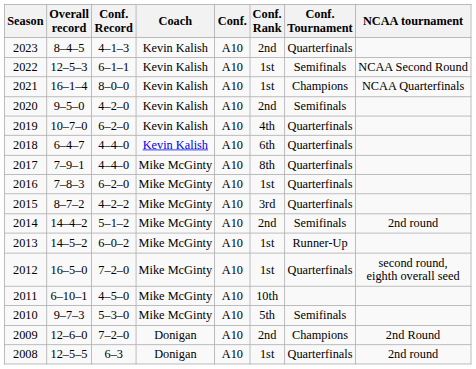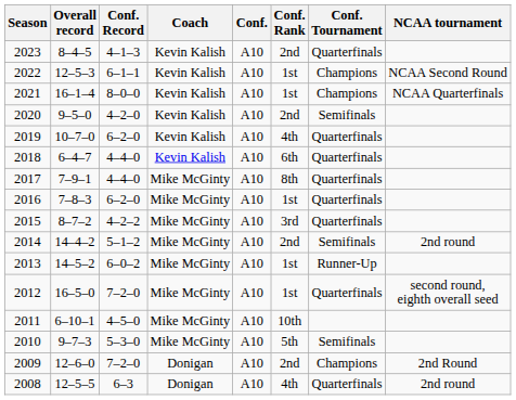 <table class="wikitable sortable" style="text-align: center;">
 <tr>
 <th width=px>Season</th>
 <th width=px>Overall<br>record</th>
 <th width=px>Conf.<br> Record</th>
 <th width=px>Coach</th>
 <th width=px>Conf.</th>
 <th width=px>Conf.<br> Rank</th>
 <th width=px>Conf. <br>Tournament</th>
 <th width=px>NCAA tournament</th>
 </tr>
 <tr>
 <td>2023</td>
 <td>8–4–5</td>
 <td>4–1–3</td>
 <td>Kevin Kalish</td>
 <td>A10</td>
 <td>2nd</td>
 <td>Quarterfinals</td>
 <td></td>
 </tr>
 <tr>
 <td>2022</td>
 <td>12–5–3</td>
 <td>6–1–1</td>
 <td>Kevin Kalish</td>
 <td>A10</td>
 <td>1st</td>
-<td>Semifinals</td>
+<td>Champions</td>
 <td>NCAA Second Round</td>
 </tr>
 <tr>
 <td>2021</td>
 <td>16–1–4</td>
 <td>8–0–0</td>
 <td>Kevin Kalish</td>
 <td>A10</td>
 <td>1st</td>
 <td>Champions</td>
 <td>NCAA Quarterfinals</td>
 </tr>
 <tr>
 <td>2020</td>
 <td>9–5–0</td>
 <td>4–2–0</td>
 <td>Kevin Kalish</td>
 <td>A10</td>
 <td>2nd</td>
 <td>Semifinals</td>
 <td></td>
 </tr>
 <tr>
 <td>2019</td>
 <td>10–7–0</td>
 <td>6–2–0</td>
 <td>Kevin Kalish</td>
 <td>A10</td>
 <td>4th</td>
 <td>Quarterfinals</td>
 <td></td>
 </tr>
 <tr>
 <td>2018</td>
 <td>6–4–7</td>
 <td>4–4–0</td>
 <td><a href='#'>Kevin Kalish</a></td>
 <td>A10</td>
 <td>6th</td>
 <td>Quarterfinals</td>
 <td></td>
 </tr>
 <tr>
 <td>2017</td>
 <td>7–9–1</td>
 <td>4–4–0</td>
 <td>Mike McGinty</td>
 <td>A10</td>
 <td>8th</td>
 <td>Quarterfinals</td>
 <td></td>
 </tr>
 <tr>
 <td>2016</td>
 <td>7–8–3</td>
 <td>6–2–0</td>
 <td>Mike McGinty</td>
 <td>A10</td>
 <td>1st</td>
 <td>Quarterfinals</td>
 <td></td>
 </tr>
 <tr>
 <td>2015</td>
 <td>8–7–2</td>
 <td>4–2–2</td>
 <td>Mike McGinty</td>
 <td>A10</td>
 <td>3rd</td>
 <td>Quarterfinals</td>
 <td></td>
 </tr>
 <tr>
 <td>2014</td>
 <td>14–4–2</td>
 <td>5–1–2</td>
 <td>Mike McGinty</td>
 <td>A10</td>
 <td>2nd</td>
 <td>Semifinals</td>
 <td>2nd round</td>
 </tr>
 <tr>
 <td>2013</td>
 <td>14–5–2</td>
 <td>6–0–2</td>
 <td>Mike McGinty</td>
 <td>A10</td>
 <td>1st</td>
 <td>Runner-Up</td>
 <td></td>
 </tr>
 <tr>
 <td>2012</td>
 <td>16–5–0</td>
 <td>7–2–0</td>
 <td>Mike McGinty</td>
 <td>A10</td>
 <td>1st</td>
 <td>Quarterfinals</td>
 <td>second round,<br> eighth overall seed</td>
 </tr>
 <tr>
 <td>2011</td>
 <td>6–10–1</td>
 <td>4–5–0</td>
 <td>Mike McGinty</td>
 <td>A10</td>
 <td>10th</td>
 <td></td>
 <td></td>
 </tr>
 <tr>
 <td>2010</td>
 <td>9–7–3</td>
 <td>5–3–0</td>
 <td>Mike McGinty</td>
 <td>A10</td>
 <td>5th</td>
 <td>Semifinals</td>
 <td></td>
 </tr>
 <tr>
 <td>2009</td>
 <td>12–6–0</td>
 <td>7–2–0</td>
 <td>Donigan</td>
 <td>A10</td>
 <td>2nd</td>
 <td>Champions</td>
 <td>2nd Round</td>
 </tr>
 <tr>
 <td>2008</td>
 <td>12–5–5</td>
 <td>6–3</td>
 <td>Donigan</td>
 <td>A10</td>
-<td>1st</td>
+<td>4th</td>
 <td>Quarterfinals</td>
 <td>2nd round</td>
 </tr>
 </table>
